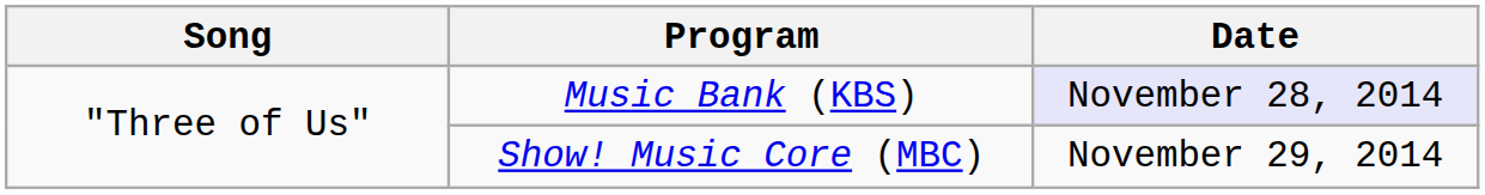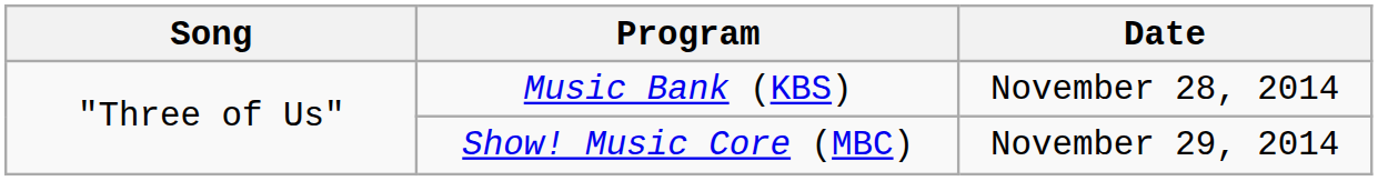 <table class="wikitable" style="text-align:center;">
 <tr>
 <th style="width:150px;">Song</th>
 <th style="width:200px;">Program</th>
 <th style="width:150px;">Date</th>
 </tr>
 <tr>
 <td rowspan=2>"Three of Us"</td>
 <td><em><a href='#'>Music Bank</a></em> (<a href='#'>KBS</a>)</td>
-<td style="background: lavender;">November 28, 2014</td>
+<td>November 28, 2014</td>
 </tr>
 <tr>
 <td><em><a href='#'>Show! Music Core</a></em> (<a href='#'>MBC</a>)</td>
 <td>November 29, 2014</td>
 </tr>
 </table>
